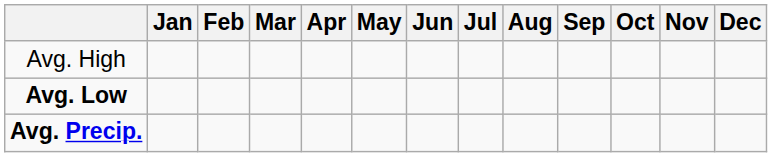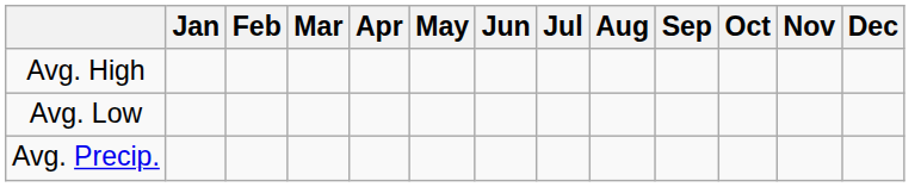 <table class="wikitable" style="text-align: center">
 <tr>
 <th></th>
 <th>Jan</th>
 <th>Feb</th>
 <th>Mar</th>
 <th>Apr</th>
 <th>May</th>
 <th>Jun</th>
 <th>Jul</th>
 <th>Aug</th>
 <th>Sep</th>
 <th>Oct</th>
 <th>Nov</th>
 <th>Dec</th>
 </tr>
 <tr>
 <td>Avg. High</td>
 <td></td>
 <td></td>
 <td></td>
 <td></td>
 <td></td>
 <td></td>
 <td></td>
 <td></td>
 <td></td>
 <td></td>
 <td></td>
 <td></td>
 </tr>
 <tr>
-<td><strong>Avg. Low</strong></td>
+<td>Avg. Low</td>
 <td></td>
 <td></td>
 <td></td>
 <td></td>
 <td></td>
 <td></td>
 <td></td>
 <td></td>
 <td></td>
 <td></td>
 <td></td>
 <td></td>
 </tr>
 <tr>
-<td><strong>Avg. <a href='#'>Precip.</a></strong></td>
+<td>Avg. <a href='#'>Precip.</a></td>
 <td></td>
 <td></td>
 <td></td>
 <td></td>
 <td></td>
 <td></td>
 <td></td>
 <td></td>
 <td></td>
 <td></td>
 <td></td>
 <td></td>
 </tr>
 </table>
